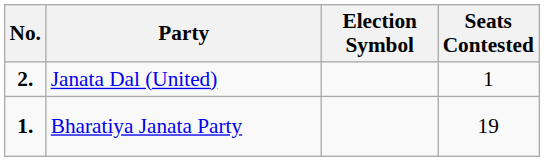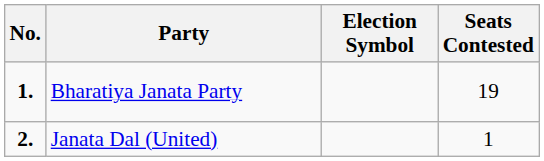 <table class="wikitable">
 <tr>
 <th scope="col" style="width:4px;">No.</th>
 <th scope="col" style="width:200px;">Party</th>
 <th scope="col" style="width:80px;">Election Symbol</th>
 <th scope="col" style="width:60px;">Seats Contested</th>
 </tr>
+<tr style="height: 45px;">
+<td style="text-align:center; background:"><strong>1.</strong></td>
+<td><a href='#'>Bharatiya Janata Party</a></td>
+<td style="text-align:center;"></td>
+<td style="text-align:center;">19</td>
+</tr>
 <tr>
 <td style="text-align:center; background:"><strong>2.</strong></td>
 <td><a href='#'>Janata Dal (United)</a></td>
 <td></td>
 <td style="text-align:center;">1</td>
 </tr>
-<tr style="height: 45px;">
-<td style="text-align:center; background:"><strong>1.</strong></td>
-<td><a href='#'>Bharatiya Janata Party</a></td>
-<td style="text-align:center;"></td>
-<td style="text-align:center;">19</td>
-</tr>
 </table>
